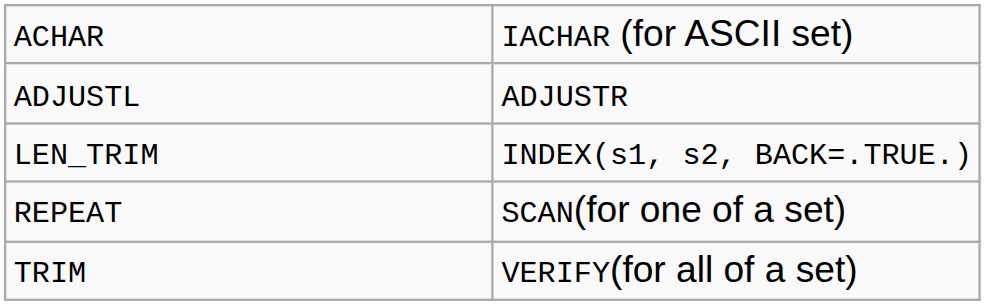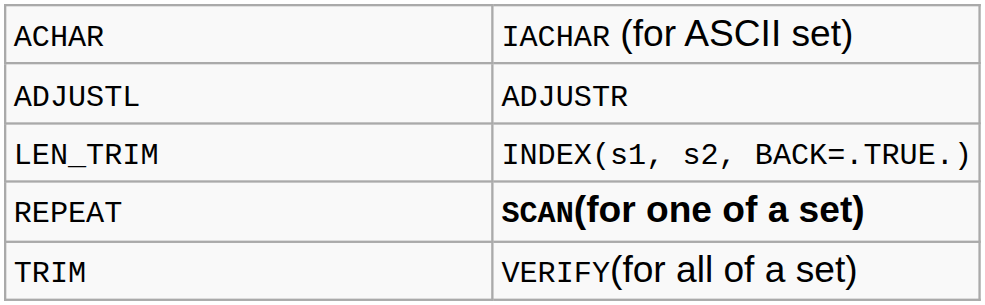 <table class=wikitable>
 <tr>
 <td style="width:50%;"><code>ACHAR</code></td>
 <td><code>IACHAR</code> (for ASCII set)</td>
 </tr>
 <tr>
 <td><code>ADJUSTL</code></td>
 <td><code>ADJUSTR</code></td>
 </tr>
 <tr>
 <td><code>LEN_TRIM</code></td>
 <td><code>INDEX(s1, s2, BACK=.TRUE.)</code></td>
 </tr>
 <tr>
 <td><code>REPEAT</code></td>
-<td><code>SCAN</code>(for one of a set)</td>
+<td><strong><code>SCAN</code>(for one of a set)</strong></td>
 </tr>
 <tr>
 <td><code>TRIM</code></td>
 <td><code>VERIFY</code>(for all of a set)</td>
 </tr>
 </table>
